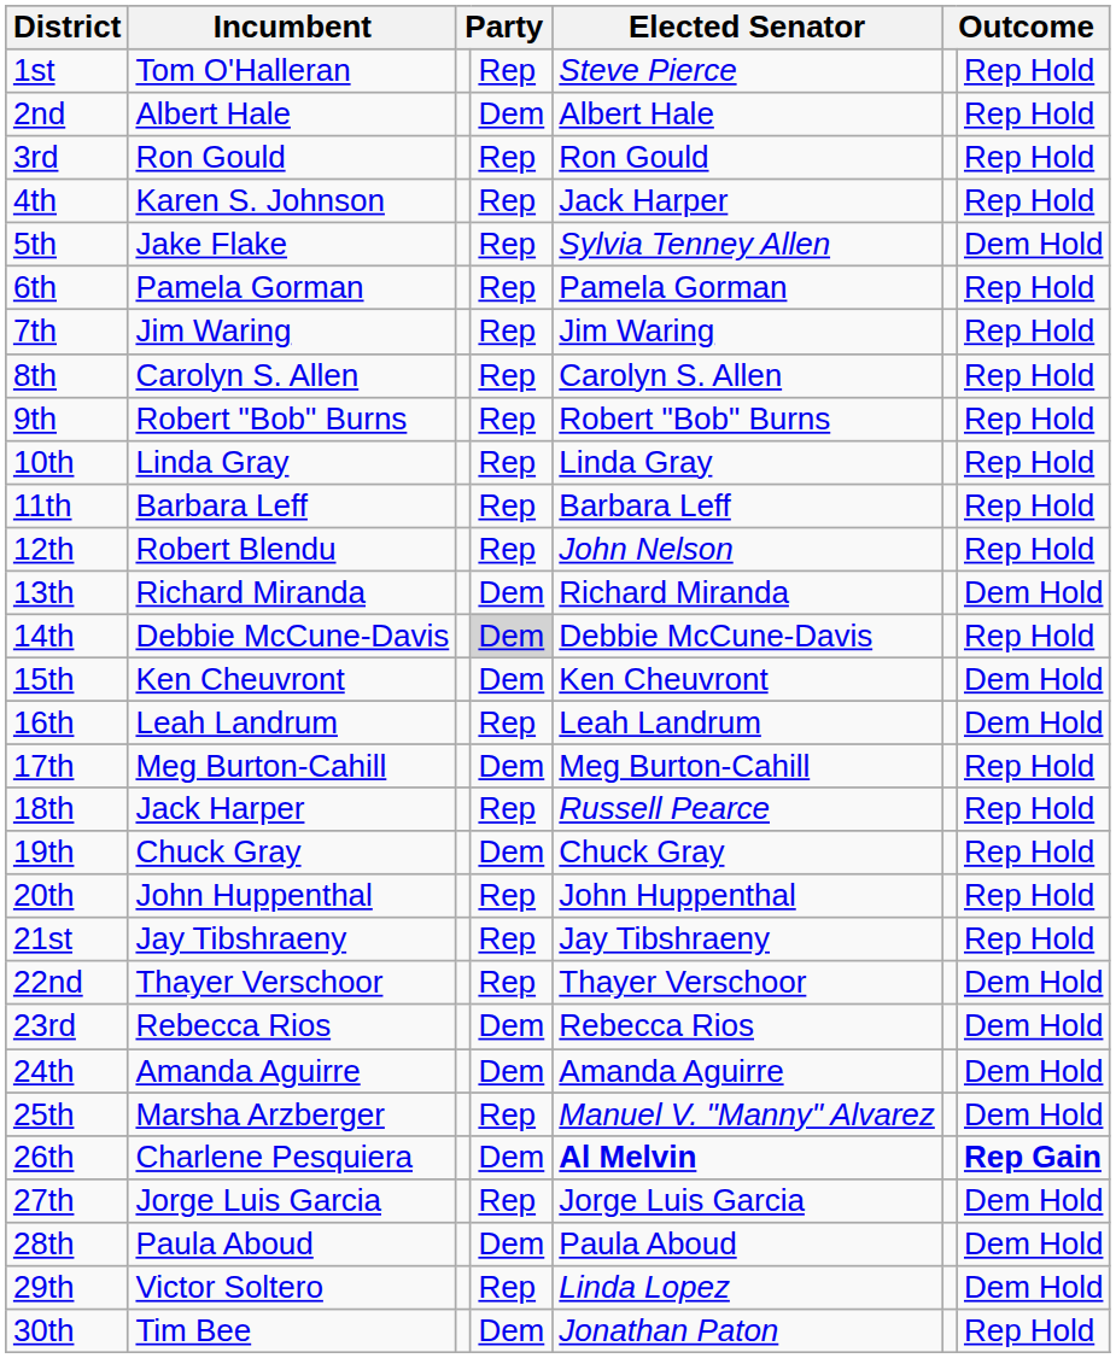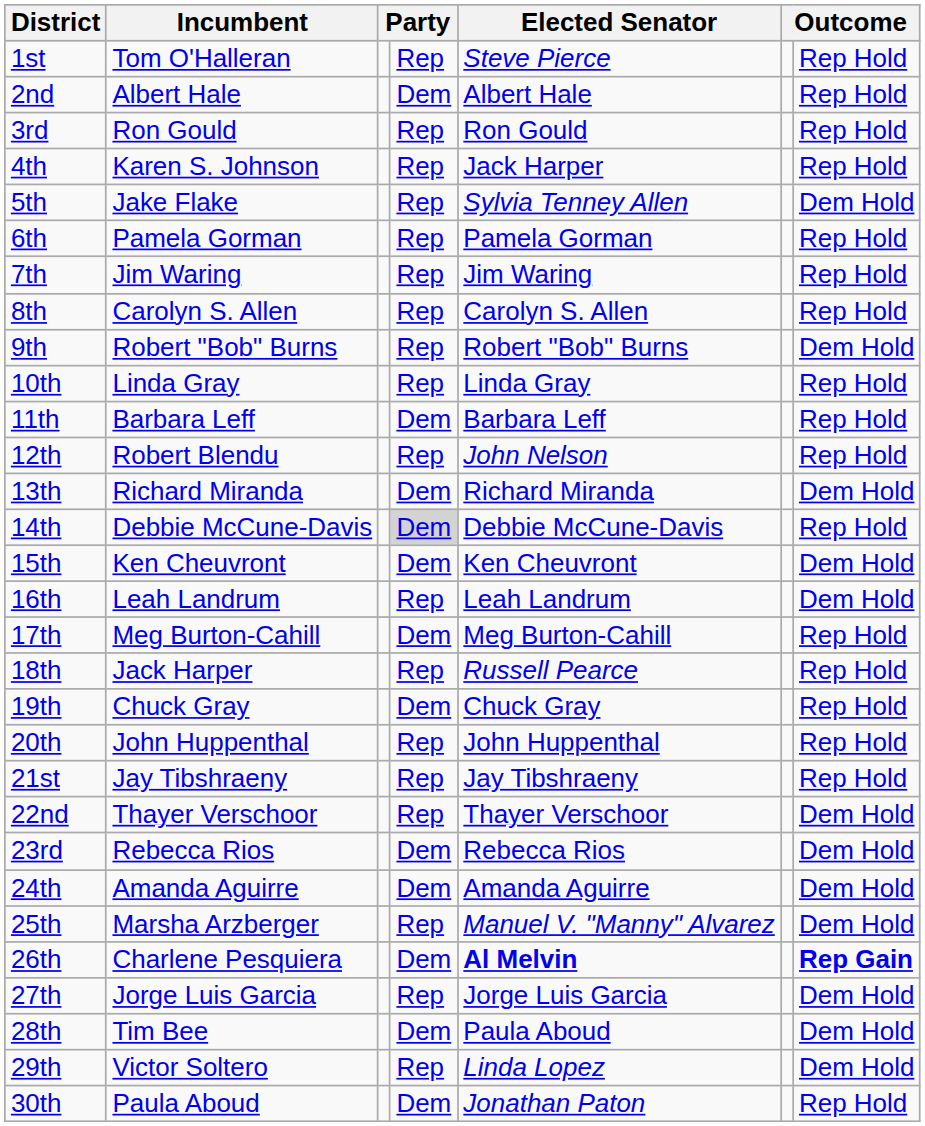 <table class="sortable wikitable" style="font-size:95%;line-height:14px;">
 <tr>
 <th>District</th>
 <th>Incumbent</th>
 <th colspan="2">Party</th>
 <th>Elected Senator</th>
 <th colspan="2">Outcome</th>
 </tr>
 <tr>
 <td><a href='#'>1st</a></td>
 <td><a href='#'>Tom O'Halleran</a></td>
 <td style="background:"></td>
 <td><a href='#'>Rep</a></td>
 <td><em><a href='#'>Steve Pierce</a></em></td>
 <td style="background:"></td>
 <td><a href='#'>Rep Hold</a></td>
 </tr>
 <tr>
 <td><a href='#'>2nd</a></td>
 <td><a href='#'>Albert Hale</a></td>
 <td style="background:"></td>
 <td><a href='#'>Dem</a></td>
 <td><a href='#'>Albert Hale</a></td>
 <td style="background:"></td>
 <td><a href='#'>Rep Hold</a></td>
 </tr>
 <tr>
 <td><a href='#'>3rd</a></td>
 <td><a href='#'>Ron Gould</a></td>
 <td style="background:"></td>
 <td><a href='#'>Rep</a></td>
 <td><a href='#'>Ron Gould</a></td>
 <td style="background:"></td>
 <td><a href='#'>Rep Hold</a></td>
 </tr>
 <tr>
 <td><a href='#'>4th</a></td>
 <td><a href='#'>Karen S. Johnson</a></td>
 <td style="background:"></td>
 <td><a href='#'>Rep</a></td>
 <td><a href='#'>Jack Harper</a></td>
 <td style="background:"></td>
 <td><a href='#'>Rep Hold</a></td>
 </tr>
 <tr>
 <td><a href='#'>5th</a></td>
 <td><a href='#'>Jake Flake</a></td>
 <td style="background:"></td>
 <td><a href='#'>Rep</a></td>
 <td><em><a href='#'>Sylvia Tenney Allen</a></em></td>
 <td style="background:"></td>
 <td><a href='#'>Dem Hold</a></td>
 </tr>
 <tr>
 <td><a href='#'>6th</a></td>
 <td><a href='#'>Pamela Gorman</a></td>
 <td style="background:"></td>
 <td><a href='#'>Rep</a></td>
 <td><a href='#'>Pamela Gorman</a></td>
 <td style="background:"></td>
 <td><a href='#'>Rep Hold</a></td>
 </tr>
 <tr>
 <td><a href='#'>7th</a></td>
 <td><a href='#'>Jim Waring</a></td>
 <td style="background:"></td>
 <td><a href='#'>Rep</a></td>
 <td><a href='#'>Jim Waring</a></td>
 <td style="background:"></td>
 <td><a href='#'>Rep Hold</a></td>
 </tr>
 <tr>
 <td><a href='#'>8th</a></td>
 <td><a href='#'>Carolyn S. Allen</a></td>
 <td style="background:"></td>
 <td><a href='#'>Rep</a></td>
 <td><a href='#'>Carolyn S. Allen</a></td>
 <td style="background:"></td>
 <td><a href='#'>Rep Hold</a></td>
 </tr>
 <tr>
 <td><a href='#'>9th</a></td>
 <td><a href='#'>Robert "Bob" Burns</a></td>
 <td style="background:"></td>
 <td><a href='#'>Rep</a></td>
 <td><a href='#'>Robert "Bob" Burns</a></td>
 <td style="background:"></td>
-<td><a href='#'>Rep Hold</a></td>
+<td><a href='#'>Dem Hold</a></td>
 </tr>
 <tr>
 <td><a href='#'>10th</a></td>
 <td><a href='#'>Linda Gray</a></td>
 <td style="background:"></td>
 <td><a href='#'>Rep</a></td>
 <td><a href='#'>Linda Gray</a></td>
 <td style="background:"></td>
 <td><a href='#'>Rep Hold</a></td>
 </tr>
 <tr>
 <td><a href='#'>11th</a></td>
 <td><a href='#'>Barbara Leff</a></td>
 <td style="background:"></td>
-<td><a href='#'>Rep</a></td>
+<td><a href='#'>Dem</a></td>
 <td><a href='#'>Barbara Leff</a></td>
 <td style="background:"></td>
 <td><a href='#'>Rep Hold</a></td>
 </tr>
 <tr>
 <td><a href='#'>12th</a></td>
 <td><a href='#'>Robert Blendu</a></td>
 <td style="background:"></td>
 <td><a href='#'>Rep</a></td>
 <td><em><a href='#'>John Nelson</a></em></td>
 <td style="background:"></td>
 <td><a href='#'>Rep Hold</a></td>
 </tr>
 <tr>
 <td><a href='#'>13th</a></td>
 <td><a href='#'>Richard Miranda</a></td>
 <td style="background:"></td>
 <td><a href='#'>Dem</a></td>
 <td><a href='#'>Richard Miranda</a></td>
 <td style="background:"></td>
 <td><a href='#'>Dem Hold</a></td>
 </tr>
 <tr>
 <td><a href='#'>14th</a></td>
 <td><a href='#'>Debbie McCune-Davis</a></td>
 <td style="background:"></td>
 <td style="background: lightgrey;"><a href='#'>Dem</a></td>
 <td><a href='#'>Debbie McCune-Davis</a></td>
 <td style="background:"></td>
 <td><a href='#'>Rep Hold</a></td>
 </tr>
 <tr>
 <td><a href='#'>15th</a></td>
 <td><a href='#'>Ken Cheuvront</a></td>
 <td style="background:"></td>
 <td><a href='#'>Dem</a></td>
 <td><a href='#'>Ken Cheuvront</a></td>
 <td style="background:"></td>
 <td><a href='#'>Dem Hold</a></td>
 </tr>
 <tr>
 <td><a href='#'>16th</a></td>
 <td><a href='#'>Leah Landrum</a></td>
 <td style="background:"></td>
 <td><a href='#'>Rep</a></td>
 <td><a href='#'>Leah Landrum</a></td>
 <td style="background:"></td>
 <td><a href='#'>Dem Hold</a></td>
 </tr>
 <tr>
 <td><a href='#'>17th</a></td>
 <td><a href='#'>Meg Burton-Cahill</a></td>
 <td style="background:"></td>
 <td><a href='#'>Dem</a></td>
 <td><a href='#'>Meg Burton-Cahill</a></td>
 <td style="background:"></td>
 <td><a href='#'>Rep Hold</a></td>
 </tr>
 <tr>
 <td><a href='#'>18th</a></td>
 <td><a href='#'>Jack Harper</a></td>
 <td style="background:"></td>
 <td><a href='#'>Rep</a></td>
 <td><em><a href='#'>Russell Pearce</a></em></td>
 <td style="background:"></td>
 <td><a href='#'>Rep Hold</a></td>
 </tr>
 <tr>
 <td><a href='#'>19th</a></td>
 <td><a href='#'>Chuck Gray</a></td>
 <td style="background:"></td>
 <td><a href='#'>Dem</a></td>
 <td><a href='#'>Chuck Gray</a></td>
 <td style="background:"></td>
 <td><a href='#'>Rep Hold</a></td>
 </tr>
 <tr>
 <td><a href='#'>20th</a></td>
 <td><a href='#'>John Huppenthal</a></td>
 <td style="background:"></td>
 <td><a href='#'>Rep</a></td>
 <td><a href='#'>John Huppenthal</a></td>
 <td style="background:"></td>
 <td><a href='#'>Rep Hold</a></td>
 </tr>
 <tr>
 <td><a href='#'>21st</a></td>
 <td><a href='#'>Jay Tibshraeny</a></td>
 <td style="background:"></td>
 <td><a href='#'>Rep</a></td>
 <td><a href='#'>Jay Tibshraeny</a></td>
 <td style="background:"></td>
 <td><a href='#'>Rep Hold</a></td>
 </tr>
 <tr>
 <td><a href='#'>22nd</a></td>
 <td><a href='#'>Thayer Verschoor</a></td>
 <td style="background:"></td>
 <td><a href='#'>Rep</a></td>
 <td><a href='#'>Thayer Verschoor</a></td>
 <td style="background:"></td>
 <td><a href='#'>Dem Hold</a></td>
 </tr>
 <tr>
 <td><a href='#'>23rd</a></td>
 <td><a href='#'>Rebecca Rios</a></td>
 <td style="background:"></td>
 <td><a href='#'>Dem</a></td>
 <td><a href='#'>Rebecca Rios</a></td>
 <td style="background:"></td>
 <td><a href='#'>Dem Hold</a></td>
 </tr>
 <tr>
 <td><a href='#'>24th</a></td>
 <td><a href='#'>Amanda Aguirre</a></td>
 <td style="background:"></td>
 <td><a href='#'>Dem</a></td>
 <td><a href='#'>Amanda Aguirre</a></td>
 <td style="background:"></td>
 <td><a href='#'>Dem Hold</a></td>
 </tr>
 <tr>
 <td><a href='#'>25th</a></td>
 <td><a href='#'>Marsha Arzberger</a></td>
 <td style="background:"></td>
 <td><a href='#'>Rep</a></td>
 <td><em><a href='#'>Manuel V. "Manny" Alvarez</a></em></td>
 <td style="background:"></td>
 <td><a href='#'>Dem Hold</a></td>
 </tr>
 <tr>
 <td><a href='#'>26th</a></td>
 <td><a href='#'>Charlene Pesquiera</a></td>
 <td style="background:"></td>
 <td><a href='#'>Dem</a></td>
 <td><strong><a href='#'>Al Melvin</a></strong></td>
 <td style="background:"></td>
 <td><strong><a href='#'>Rep Gain</a></strong></td>
 </tr>
 <tr>
 <td><a href='#'>27th</a></td>
 <td><a href='#'>Jorge Luis Garcia</a></td>
 <td style="background:"></td>
 <td><a href='#'>Rep</a></td>
 <td><a href='#'>Jorge Luis Garcia</a></td>
 <td style="background:"></td>
 <td><a href='#'>Dem Hold</a></td>
 </tr>
 <tr>
 <td><a href='#'>28th</a></td>
-<td><a href='#'>Paula Aboud</a></td>
+<td><a href='#'>Tim Bee</a></td>
 <td style="background:"></td>
 <td><a href='#'>Dem</a></td>
 <td><a href='#'>Paula Aboud</a></td>
 <td style="background:"></td>
 <td><a href='#'>Dem Hold</a></td>
 </tr>
 <tr>
 <td><a href='#'>29th</a></td>
 <td><a href='#'>Victor Soltero</a></td>
 <td style="background:"></td>
 <td><a href='#'>Rep</a></td>
 <td><em><a href='#'>Linda Lopez</a></em></td>
 <td style="background:"></td>
 <td><a href='#'>Dem Hold</a></td>
 </tr>
 <tr>
 <td><a href='#'>30th</a></td>
-<td><a href='#'>Tim Bee</a></td>
+<td><a href='#'>Paula Aboud</a></td>
 <td style="background:"></td>
 <td><a href='#'>Dem</a></td>
 <td><em><a href='#'>Jonathan Paton</a></em></td>
 <td style="background:"></td>
 <td><a href='#'>Rep Hold</a></td>
 </tr>
 <tr>
 </tr>
 </table>
